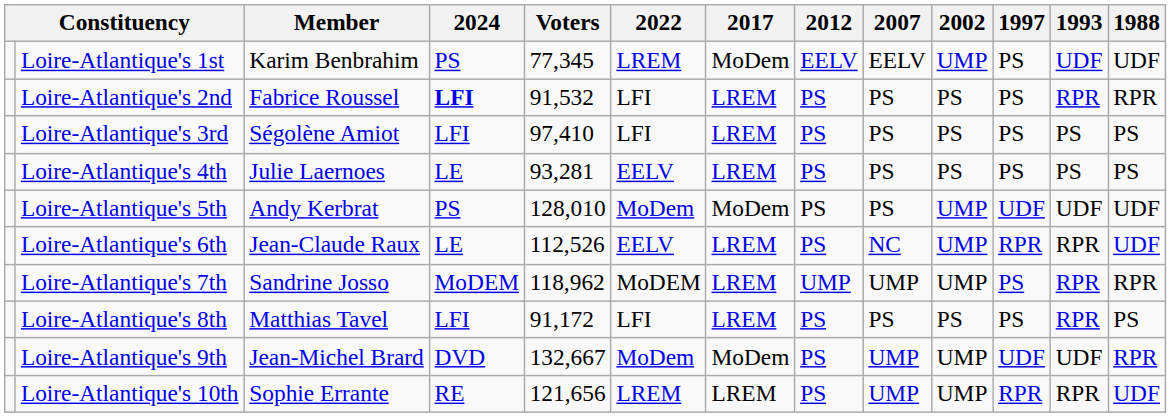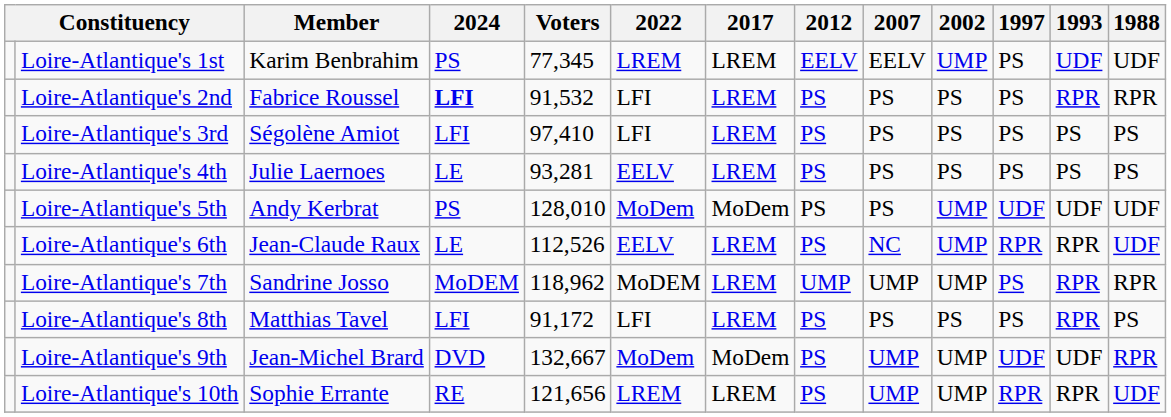 <table class="wikitable sortable">
 <tr>
 <th colspan="2">Constituency</th>
 <th>Member</th>
 <th>2024</th>
 <th>Voters</th>
 <th>2022</th>
 <th>2017</th>
 <th>2012</th>
 <th>2007</th>
 <th>2002</th>
 <th>1997</th>
 <th>1993</th>
 <th>1988</th>
 </tr>
 <tr>
 <td style="background-color: "></td>
 <td><a href='#'>Loire-Atlantique's 1st</a></td>
 <td>Karim Benbrahim</td>
 <td><a href='#'>PS</a></td>
 <td>77,345</td>
 <td><a href='#'>LREM</a></td>
-<td>MoDem</td>
+<td>LREM</td>
 <td><a href='#'>EELV</a></td>
 <td>EELV</td>
 <td><a href='#'>UMP</a></td>
 <td>PS</td>
 <td><a href='#'>UDF</a></td>
 <td>UDF</td>
 </tr>
 <tr>
 <td style="background-color: "></td>
 <td><a href='#'>Loire-Atlantique's 2nd</a></td>
 <td><a href='#'>Fabrice Roussel</a></td>
 <td><strong><a href='#'>LFI</a></strong></td>
 <td>91,532</td>
 <td>LFI</td>
 <td><a href='#'>LREM</a></td>
 <td><a href='#'>PS</a></td>
 <td>PS</td>
 <td>PS</td>
 <td>PS</td>
 <td><a href='#'>RPR</a></td>
 <td>RPR</td>
 </tr>
 <tr>
 <td style="background-color: "></td>
 <td><a href='#'>Loire-Atlantique's 3rd</a></td>
 <td><a href='#'>Ségolène Amiot</a></td>
 <td><a href='#'>LFI</a></td>
 <td>97,410</td>
 <td>LFI</td>
 <td><a href='#'>LREM</a></td>
 <td><a href='#'>PS</a></td>
 <td>PS</td>
 <td>PS</td>
 <td>PS</td>
 <td>PS</td>
 <td>PS</td>
 </tr>
 <tr>
 <td style="background-color: "></td>
 <td><a href='#'>Loire-Atlantique's 4th</a></td>
 <td><a href='#'>Julie Laernoes</a></td>
 <td><a href='#'>LE</a></td>
 <td>93,281</td>
 <td><a href='#'>EELV</a></td>
 <td><a href='#'>LREM</a></td>
 <td><a href='#'>PS</a></td>
 <td>PS</td>
 <td>PS</td>
 <td>PS</td>
 <td>PS</td>
 <td>PS</td>
 </tr>
 <tr>
 <td style="background-color: "></td>
 <td><a href='#'>Loire-Atlantique's 5th</a></td>
 <td><a href='#'>Andy Kerbrat</a></td>
 <td><a href='#'>PS</a></td>
 <td>128,010</td>
 <td><a href='#'>MoDem</a></td>
 <td>MoDem</td>
 <td>PS</td>
 <td>PS</td>
 <td><a href='#'>UMP</a></td>
 <td><a href='#'>UDF</a></td>
 <td>UDF</td>
 <td>UDF</td>
 </tr>
 <tr>
 <td style="background-color: "></td>
 <td><a href='#'>Loire-Atlantique's 6th</a></td>
 <td><a href='#'>Jean-Claude Raux</a></td>
 <td><a href='#'>LE</a></td>
 <td>112,526</td>
 <td><a href='#'>EELV</a></td>
 <td><a href='#'>LREM</a></td>
 <td><a href='#'>PS</a></td>
 <td><a href='#'>NC</a></td>
 <td><a href='#'>UMP</a></td>
 <td><a href='#'>RPR</a></td>
 <td>RPR</td>
 <td><a href='#'>UDF</a></td>
 </tr>
 <tr>
 <td style="background-color: "></td>
 <td><a href='#'>Loire-Atlantique's 7th</a></td>
 <td><a href='#'>Sandrine Josso</a></td>
 <td><a href='#'>MoDEM</a></td>
 <td>118,962</td>
 <td>MoDEM</td>
 <td><a href='#'>LREM</a></td>
 <td><a href='#'>UMP</a></td>
 <td>UMP</td>
 <td>UMP</td>
 <td><a href='#'>PS</a></td>
 <td><a href='#'>RPR</a></td>
 <td>RPR</td>
 </tr>
 <tr>
 <td style="background-color: "></td>
 <td><a href='#'>Loire-Atlantique's 8th</a></td>
 <td><a href='#'>Matthias Tavel</a></td>
 <td><a href='#'>LFI</a></td>
 <td>91,172</td>
 <td>LFI</td>
 <td><a href='#'>LREM</a></td>
 <td><a href='#'>PS</a></td>
 <td>PS</td>
 <td>PS</td>
 <td>PS</td>
 <td><a href='#'>RPR</a></td>
 <td>PS</td>
 </tr>
 <tr>
 <td style="background-color: "></td>
 <td><a href='#'>Loire-Atlantique's 9th</a></td>
 <td><a href='#'>Jean-Michel Brard</a></td>
 <td><a href='#'>DVD</a></td>
 <td>132,667</td>
 <td><a href='#'>MoDem</a></td>
 <td>MoDem</td>
 <td><a href='#'>PS</a></td>
 <td><a href='#'>UMP</a></td>
 <td>UMP</td>
 <td><a href='#'>UDF</a></td>
 <td>UDF</td>
 <td><a href='#'>RPR</a></td>
 </tr>
 <tr>
 <td style="background-color: "></td>
 <td><a href='#'>Loire-Atlantique's 10th</a></td>
 <td><a href='#'>Sophie Errante</a></td>
 <td><a href='#'>RE</a></td>
 <td>121,656</td>
 <td><a href='#'>LREM</a></td>
 <td>LREM</td>
 <td><a href='#'>PS</a></td>
 <td><a href='#'>UMP</a></td>
 <td>UMP</td>
 <td><a href='#'>RPR</a></td>
 <td>RPR</td>
 <td><a href='#'>UDF</a></td>
 </tr>
 </table>
